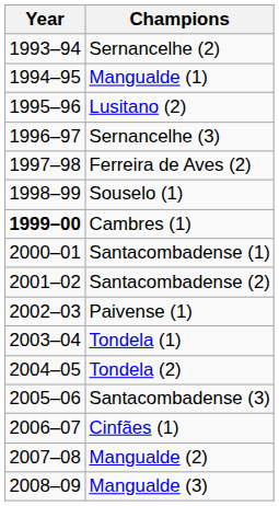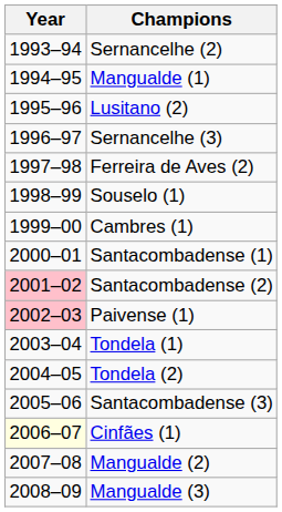 <table class="wikitable" style="text-align:left">
 <tr>
 <th style= width="100px">Year</th>
 <th style= width="400px">Champions</th>
 </tr>
 <tr>
 <td>1993–94</td>
 <td>Sernancelhe (2)</td>
 </tr>
 <tr>
 <td>1994–95</td>
 <td><a href='#'>Mangualde</a> (1)</td>
 </tr>
 <tr>
 <td>1995–96</td>
 <td><a href='#'>Lusitano</a> (2)</td>
 </tr>
 <tr>
 <td>1996–97</td>
 <td>Sernancelhe (3)</td>
 </tr>
 <tr>
 <td>1997–98</td>
 <td>Ferreira de Aves (2)</td>
 </tr>
 <tr>
 <td>1998–99</td>
 <td>Souselo (1)</td>
 </tr>
 <tr>
-<td><strong>1999–00</strong></td>
+<td>1999–00</td>
 <td>Cambres (1)</td>
 </tr>
 <tr>
 <td>2000–01</td>
 <td>Santacombadense (1)</td>
 </tr>
 <tr>
-<td>2001–02</td>
+<td style="background: pink;">2001–02</td>
 <td>Santacombadense (2)</td>
 </tr>
 <tr>
-<td>2002–03</td>
+<td style="background: pink;">2002–03</td>
 <td>Paivense (1)</td>
 </tr>
 <tr>
 <td>2003–04</td>
 <td><a href='#'>Tondela</a> (1)</td>
 </tr>
 <tr>
 <td>2004–05</td>
 <td><a href='#'>Tondela</a> (2)</td>
 </tr>
 <tr>
 <td>2005–06</td>
 <td>Santacombadense (3)</td>
 </tr>
 <tr>
-<td>2006–07</td>
+<td style="background: lightyellow;">2006–07</td>
 <td><a href='#'>Cinfães</a> (1)</td>
 </tr>
 <tr>
 <td>2007–08</td>
 <td><a href='#'>Mangualde</a> (2)</td>
 </tr>
 <tr>
 <td>2008–09</td>
 <td><a href='#'>Mangualde</a> (3)</td>
 </tr>
 </table>
